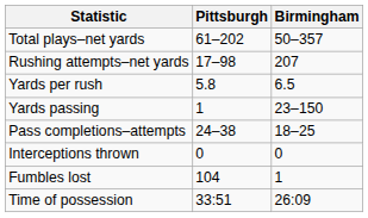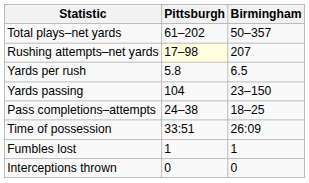 <table class="wikitable">
 <tr>
 <th>Statistic</th>
 <th><strong>Pittsburgh</strong></th>
 <th><strong>Birmingham</strong></th>
 </tr>
 <tr>
 <td>Total plays–net yards</td>
 <td>61–202</td>
 <td>50–357</td>
 </tr>
 <tr>
 <td>Rushing attempts–net yards</td>
-<td>17–98</td>
+<td style="background: lightyellow;">17–98</td>
 <td>207</td>
 </tr>
 <tr>
 <td>Yards per rush</td>
 <td>5.8</td>
 <td>6.5</td>
 </tr>
 <tr>
 <td>Yards passing</td>
-<td>1</td>
+<td>104</td>
 <td>23–150</td>
 </tr>
 <tr>
 <td>Pass completions–attempts</td>
 <td>24–38</td>
 <td>18–25</td>
 </tr>
 <tr>
+<td>Time of possession</td>
+<td>33:51</td>
+<td>26:09</td>
+</tr>
+<tr>
+<td>Fumbles lost</td>
+<td>1</td>
+<td>1</td>
+</tr>
+<tr>
 <td>Interceptions thrown</td>
 <td>0</td>
 <td>0</td>
 </tr>
-<tr>
-<td>Fumbles lost</td>
-<td>104</td>
-<td>1</td>
-</tr>
-<tr>
-<td>Time of possession</td>
-<td>33:51</td>
-<td>26:09</td>
-</tr>
 </table>
